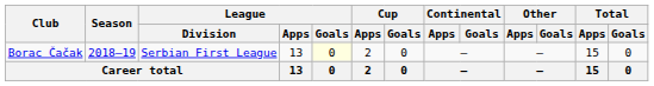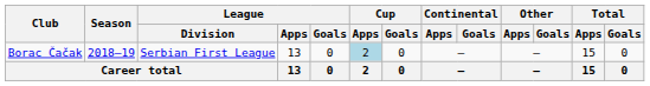 <table class="wikitable" style="text-align: center;font-size:90%">
 <tr>
 <th rowspan="2">Club</th>
 <th rowspan="2">Season</th>
 <th colspan="3">League</th>
 <th colspan="2">Cup</th>
 <th colspan="2">Continental</th>
 <th colspan="2">Other</th>
 <th colspan="2">Total</th>
 </tr>
 <tr>
 <th>Division</th>
 <th>Apps</th>
 <th>Goals</th>
 <th>Apps</th>
 <th>Goals</th>
 <th>Apps</th>
 <th>Goals</th>
 <th>Apps</th>
 <th>Goals</th>
 <th>Apps</th>
 <th>Goals</th>
 </tr>
 <tr>
 <td><a href='#'>Borac Čačak</a></td>
 <td><a href='#'>2018–19</a></td>
 <td><a href='#'>Serbian First League</a></td>
 <td>13</td>
-<td style="background: lightyellow;">0</td>
-<td>2</td>
+<td>0</td>
+<td style="background: lightblue;">2</td>
 <td>0</td>
 <td colspan="2">—</td>
 <td colspan="2">—</td>
 <td>15</td>
 <td>0</td>
 </tr>
 <tr>
 <th colspan="3">Career total</th>
 <th>13</th>
 <th>0</th>
 <th>2</th>
 <th>0</th>
 <th colspan="2">—</th>
 <th colspan="2">—</th>
 <th>15</th>
 <th>0</th>
 </tr>
 </table>
